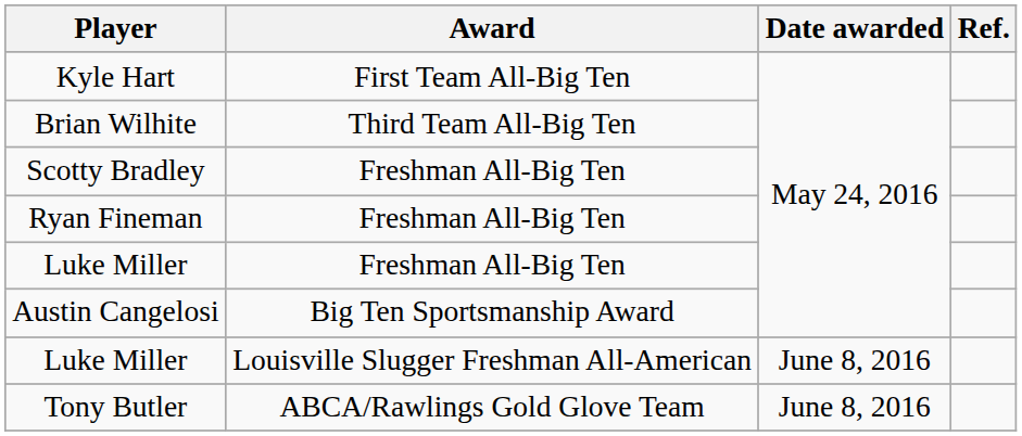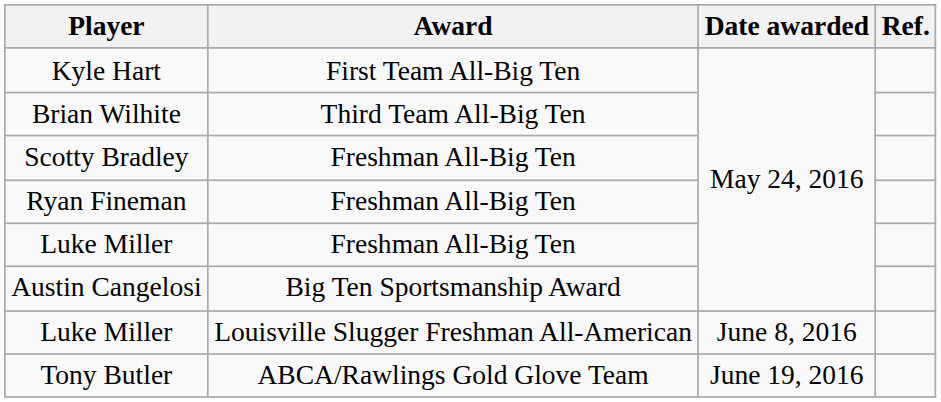 <table class="wikitable sortable sortable" style="text-align: center">
 <tr>
 <th>Player</th>
 <th>Award</th>
 <th>Date awarded</th>
 <th>Ref.</th>
 </tr>
 <tr>
 <td>Kyle Hart</td>
 <td>First Team All-Big Ten</td>
 <td rowspan="6">May 24, 2016</td>
 <td></td>
 </tr>
 <tr>
 <td>Brian Wilhite</td>
 <td>Third Team All-Big Ten</td>
 <td></td>
 </tr>
 <tr>
 <td>Scotty Bradley</td>
 <td>Freshman All-Big Ten</td>
 <td></td>
 </tr>
 <tr>
 <td>Ryan Fineman</td>
 <td>Freshman All-Big Ten</td>
 <td></td>
 </tr>
 <tr>
 <td>Luke Miller</td>
 <td>Freshman All-Big Ten</td>
 <td></td>
 </tr>
 <tr>
 <td>Austin Cangelosi</td>
 <td>Big Ten Sportsmanship Award</td>
 <td></td>
 </tr>
 <tr>
 <td>Luke Miller</td>
 <td>Louisville Slugger Freshman All-American</td>
 <td>June 8, 2016</td>
 <td></td>
 </tr>
 <tr>
 <td>Tony Butler</td>
 <td>ABCA/Rawlings Gold Glove Team</td>
-<td>June 8, 2016</td>
+<td>June 19, 2016</td>
 <td></td>
 </tr>
 </table>
